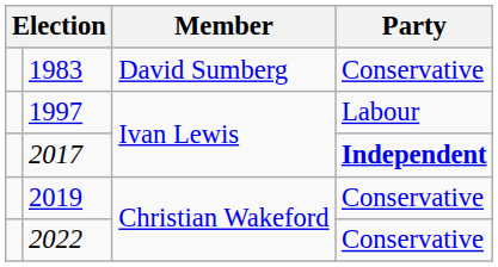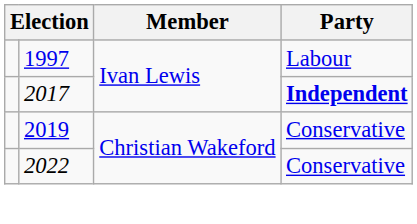 <table class="wikitable">
 <tr>
 <th colspan="2">Election</th>
 <th>Member</th>
 <th>Party</th>
-</tr>
-<tr>
-<td style="color:inherit;background-color: "></td>
-<td><a href='#'>1983</a></td>
-<td><a href='#'>David Sumberg</a></td>
-<td><a href='#'>Conservative</a></td>
 </tr>
 <tr>
 <td style="color:inherit;background-color: "></td>
 <td><a href='#'>1997</a></td>
 <td rowspan="2"><a href='#'>Ivan Lewis</a></td>
 <td><a href='#'>Labour</a></td>
 </tr>
 <tr>
 <td style="color:inherit;background-color: "></td>
 <td><em>2017</em></td>
 <td><strong><a href='#'>Independent</a></strong></td>
 </tr>
 <tr>
 <td style="color:inherit;background-color: "></td>
 <td><a href='#'>2019</a></td>
 <td rowspan=2><a href='#'>Christian Wakeford</a></td>
 <td><a href='#'>Conservative</a></td>
 </tr>
 <tr>
 <td style="color:inherit;background-color: "></td>
 <td><em>2022</em></td>
 <td><a href='#'>Conservative</a></td>
 </tr>
 </table>
